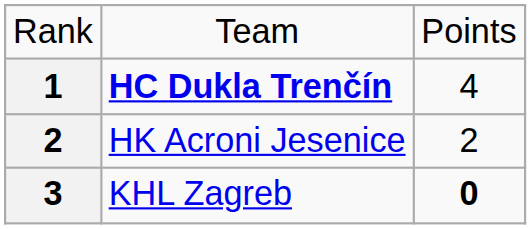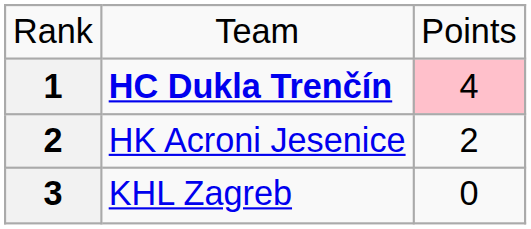 <table class="wikitable" style="text-align: center;">
 <tr>
 <td>Rank</td>
 <td>Team</td>
 <td>Points</td>
 </tr>
 <tr>
 <th>1</th>
 <td style="text-align: left;"> <strong><a href='#'>HC Dukla Trenčín</a></strong></td>
-<td>4</td>
+<td style="background: pink;">4</td>
 </tr>
 <tr>
 <th>2</th>
 <td style="text-align: left;"> <a href='#'>HK Acroni Jesenice</a></td>
 <td>2</td>
 </tr>
 <tr>
 <th>3</th>
 <td style="text-align: left;"> <a href='#'>KHL Zagreb</a></td>
-<td><strong>0</strong></td>
+<td>0</td>
 </tr>
 </table>
